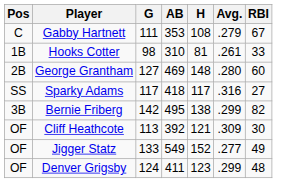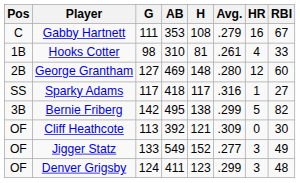 <table class="wikitable sortable" style="text-align:center;">
 <tr>
 <th>Pos</th>
 <th>Player</th>
 <th>G</th>
 <th>AB</th>
 <th>H</th>
 <th>Avg.</th>
+<th>HR</th>
 <th>RBI</th>
 </tr>
 <tr>
 <td>C</td>
 <td><a href='#'>Gabby Hartnett</a></td>
 <td>111</td>
 <td>353</td>
 <td>108</td>
 <td>.279</td>
+<td>16</td>
 <td>67</td>
 </tr>
 <tr>
 <td>1B</td>
 <td><a href='#'>Hooks Cotter</a></td>
 <td>98</td>
 <td>310</td>
 <td>81</td>
 <td>.261</td>
+<td>4</td>
 <td>33</td>
 </tr>
 <tr>
 <td>2B</td>
 <td><a href='#'>George Grantham</a></td>
 <td>127</td>
 <td>469</td>
 <td>148</td>
 <td>.280</td>
+<td>12</td>
 <td>60</td>
 </tr>
 <tr>
 <td>SS</td>
 <td><a href='#'>Sparky Adams</a></td>
 <td>117</td>
 <td>418</td>
 <td>117</td>
 <td>.316</td>
+<td>1</td>
 <td>27</td>
 </tr>
 <tr>
 <td>3B</td>
 <td><a href='#'>Bernie Friberg</a></td>
 <td>142</td>
 <td>495</td>
 <td>138</td>
 <td>.299</td>
+<td>5</td>
 <td>82</td>
 </tr>
 <tr>
 <td>OF</td>
 <td><a href='#'>Cliff Heathcote</a></td>
 <td>113</td>
 <td>392</td>
 <td>121</td>
 <td>.309</td>
+<td>0</td>
 <td>30</td>
 </tr>
 <tr>
 <td>OF</td>
 <td><a href='#'>Jigger Statz</a></td>
 <td>133</td>
 <td>549</td>
 <td>152</td>
 <td>.277</td>
+<td>3</td>
 <td>49</td>
 </tr>
 <tr>
 <td>OF</td>
 <td><a href='#'>Denver Grigsby</a></td>
 <td>124</td>
 <td>411</td>
 <td>123</td>
 <td>.299</td>
+<td>3</td>
 <td>48</td>
 </tr>
 </table>
